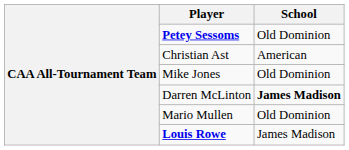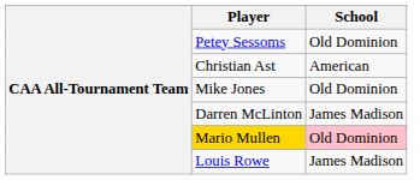 <table class="wikitable" border="1">
 <tr>
 <th rowspan=7 valign=middle>CAA All-Tournament Team</th>
 <th>Player</th>
 <th>School</th>
 </tr>
 <tr>
-<td><strong><a href='#'>Petey Sessoms</a></strong></td>
+<td><a href='#'>Petey Sessoms</a></td>
 <td>Old Dominion</td>
 </tr>
 <tr>
 <td>Christian Ast</td>
 <td>American</td>
 </tr>
 <tr>
 <td>Mike Jones</td>
 <td>Old Dominion</td>
 </tr>
 <tr>
 <td>Darren McLinton</td>
-<td><strong>James Madison</strong></td>
+<td>James Madison</td>
 </tr>
 <tr>
-<td>Mario Mullen</td>
-<td>Old Dominion</td>
+<td style="background: gold;">Mario Mullen</td>
+<td style="background: pink;">Old Dominion</td>
 </tr>
 <tr>
-<td><strong><a href='#'>Louis Rowe</a></strong></td>
+<td><a href='#'>Louis Rowe</a></td>
 <td>James Madison</td>
 </tr>
 </table>
